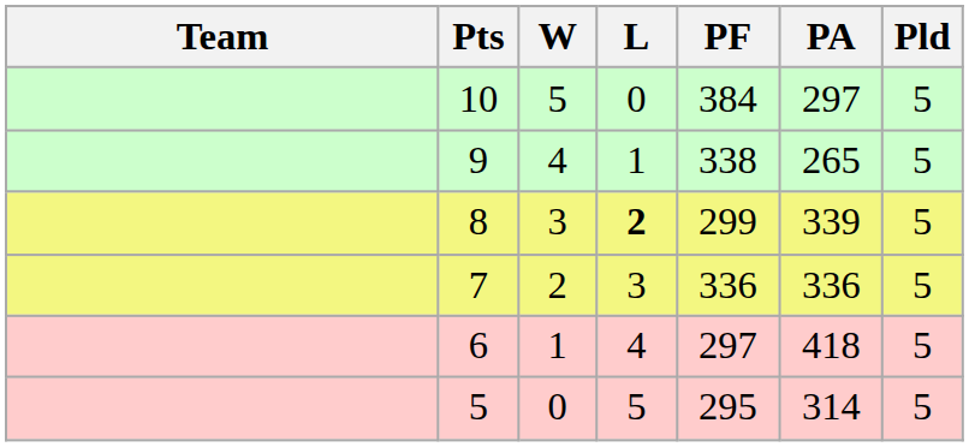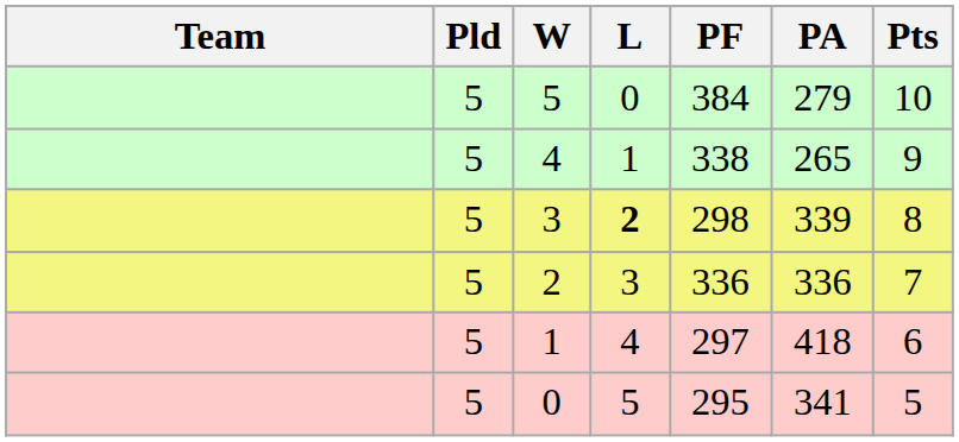 <table class="wikitable" style="text-align:center;">
 <tr>
 <th width=170>Team</th>
-<th width=25>Pts</th>
+<th width=25>Pld</th>
 <th width=25>W</th>
 <th width=25>L</th>
 <th width=35>PF</th>
 <th width=35>PA</th>
-<th width=25>Pld</th>
+<th width=25>Pts</th>
 </tr>
 <tr bgcolor=#ccffcc>
 <td style="text-align:left"></td>
-<td>10</td>
+<td>5</td>
 <td>5</td>
 <td>0</td>
 <td>384</td>
-<td>297</td>
-<td>5</td>
+<td>279</td>
+<td>10</td>
 </tr>
 <tr bgcolor=#ccffcc>
 <td style="text-align:left"></td>
-<td>9</td>
+<td>5</td>
 <td>4</td>
 <td>1</td>
 <td>338</td>
 <td>265</td>
-<td>5</td>
+<td>9</td>
 </tr>
 <tr bgcolor=#F3F781>
 <td style="text-align:left"></td>
-<td>8</td>
+<td>5</td>
 <td>3</td>
 <td><strong>2</strong></td>
-<td>299</td>
+<td>298</td>
 <td>339</td>
-<td>5</td>
+<td>8</td>
 </tr>
 <tr bgcolor=#F3F781>
 <td style="text-align:left"></td>
-<td>7</td>
+<td>5</td>
 <td>2</td>
 <td>3</td>
 <td>336</td>
 <td>336</td>
-<td>5</td>
+<td>7</td>
 </tr>
 <tr bgcolor=#ffcccc>
 <td style="text-align:left"></td>
-<td>6</td>
+<td>5</td>
 <td>1</td>
 <td>4</td>
 <td>297</td>
 <td>418</td>
-<td>5</td>
+<td>6</td>
 </tr>
 <tr bgcolor=#ffcccc>
 <td style="text-align:left"></td>
 <td>5</td>
 <td>0</td>
 <td>5</td>
 <td>295</td>
-<td>314</td>
+<td>341</td>
 <td>5</td>
 </tr>
 </table>
